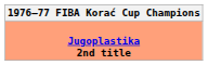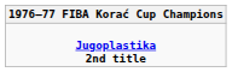 <table class=wikitable style="text-align:center; margin:auto">
 <tr>
 <th>1976–77 FIBA Korać Cup Champions</th>
 </tr>
 <tr>
-<td style="background: lightsalmon;"><br> <strong><a href='#'>Jugoplastika</a></strong> <br> <strong>2nd title</strong></td>
+<td><br> <strong><a href='#'>Jugoplastika</a></strong> <br> <strong>2nd title</strong></td>
 </tr>
 </table>
